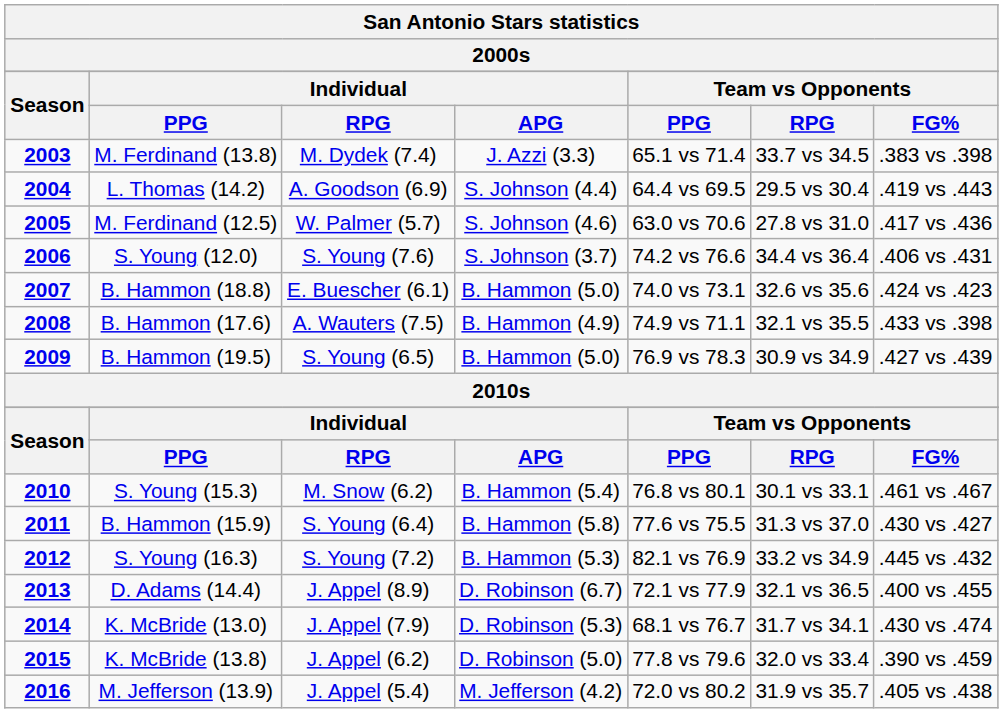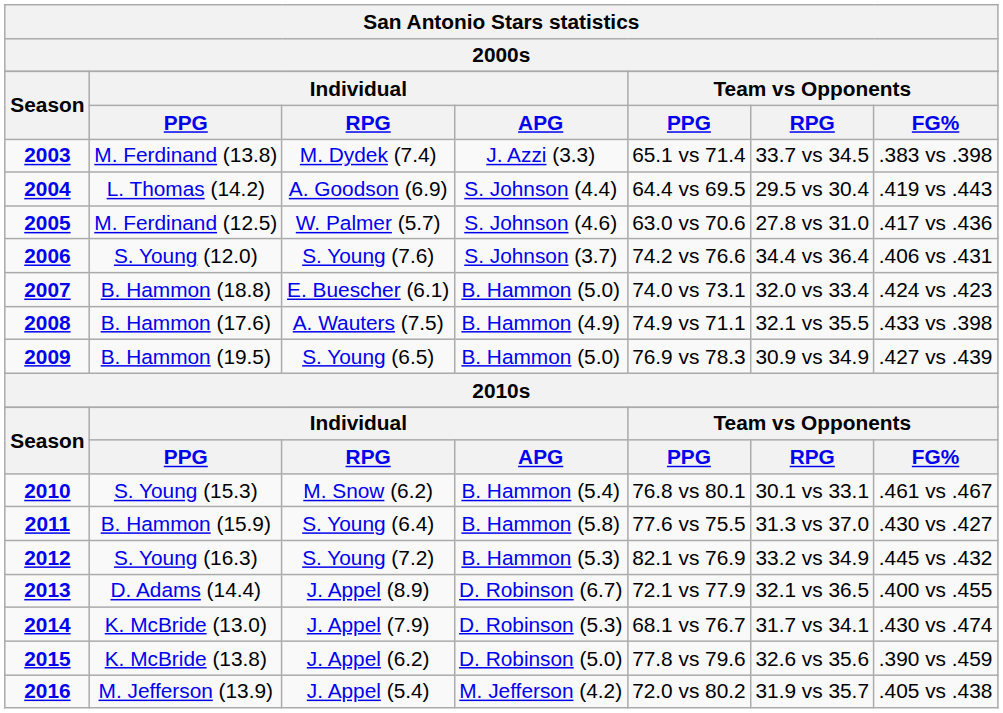 <table class="wikitable" style="clear:both; font-size:88%; margin:1.5em auto; text-align:center;">
 <tr>
 <th colspan=7>San Antonio Stars statistics</th>
 </tr>
 <tr valign="top">
 <th colspan=8>2000s</th>
 </tr>
 <tr>
 </tr>
 <tr>
 <th rowspan=2>Season</th>
 <th colspan=3>Individual</th>
 <th colspan=3>Team vs Opponents</th>
 </tr>
 <tr>
 <th><a href='#'>PPG</a></th>
 <th><a href='#'>RPG</a></th>
 <th><a href='#'>APG</a></th>
 <th><a href='#'>PPG</a></th>
 <th><a href='#'>RPG</a></th>
 <th><a href='#'>FG%</a></th>
 </tr>
 <tr>
 <td><strong><a href='#'>2003</a></strong></td>
 <td><a href='#'>M. Ferdinand</a> (13.8)</td>
 <td><a href='#'>M. Dydek</a> (7.4)</td>
 <td><a href='#'>J. Azzi</a> (3.3)</td>
 <td>65.1 vs 71.4</td>
 <td>33.7 vs 34.5</td>
 <td>.383 vs .398</td>
 </tr>
 <tr>
 <td><strong><a href='#'>2004</a></strong></td>
 <td><a href='#'>L. Thomas</a> (14.2)</td>
 <td><a href='#'>A. Goodson</a> (6.9)</td>
 <td><a href='#'>S. Johnson</a> (4.4)</td>
 <td>64.4 vs 69.5</td>
 <td>29.5 vs 30.4</td>
 <td>.419 vs .443</td>
 </tr>
 <tr>
 <td><strong><a href='#'>2005</a></strong></td>
 <td><a href='#'>M. Ferdinand</a> (12.5)</td>
 <td><a href='#'>W. Palmer</a> (5.7)</td>
 <td><a href='#'>S. Johnson</a> (4.6)</td>
 <td>63.0 vs 70.6</td>
 <td>27.8 vs 31.0</td>
 <td>.417 vs .436</td>
 </tr>
 <tr>
 <td><strong><a href='#'>2006</a></strong></td>
 <td><a href='#'>S. Young</a> (12.0)</td>
 <td><a href='#'>S. Young</a> (7.6)</td>
 <td><a href='#'>S. Johnson</a> (3.7)</td>
 <td>74.2 vs 76.6</td>
 <td>34.4 vs 36.4</td>
 <td>.406 vs .431</td>
 </tr>
 <tr>
 <td><strong><a href='#'>2007</a></strong></td>
 <td><a href='#'>B. Hammon</a> (18.8)</td>
 <td><a href='#'>E. Buescher</a> (6.1)</td>
 <td><a href='#'>B. Hammon</a> (5.0)</td>
 <td>74.0 vs 73.1</td>
-<td>32.6 vs 35.6</td>
+<td>32.0 vs 33.4</td>
 <td>.424 vs .423</td>
 </tr>
 <tr>
 <td><strong><a href='#'>2008</a></strong></td>
 <td><a href='#'>B. Hammon</a> (17.6)</td>
 <td><a href='#'>A. Wauters</a> (7.5)</td>
 <td><a href='#'>B. Hammon</a> (4.9)</td>
 <td>74.9 vs 71.1</td>
 <td>32.1 vs 35.5</td>
 <td>.433 vs .398</td>
 </tr>
 <tr>
 <td><strong><a href='#'>2009</a></strong></td>
 <td><a href='#'>B. Hammon</a> (19.5)</td>
 <td><a href='#'>S. Young</a> (6.5)</td>
 <td><a href='#'>B. Hammon</a> (5.0)</td>
 <td>76.9 vs 78.3</td>
 <td>30.9 vs 34.9</td>
 <td>.427 vs .439</td>
 </tr>
 <tr>
 <th colspan=7>2010s</th>
 </tr>
 <tr>
 </tr>
 <tr>
 <th rowspan=2>Season</th>
 <th colspan=3>Individual</th>
 <th colspan=3>Team vs Opponents</th>
 </tr>
 <tr>
 <th><a href='#'>PPG</a></th>
 <th><a href='#'>RPG</a></th>
 <th><a href='#'>APG</a></th>
 <th><a href='#'>PPG</a></th>
 <th><a href='#'>RPG</a></th>
 <th><a href='#'>FG%</a></th>
 </tr>
 <tr>
 <td><strong><a href='#'>2010</a></strong></td>
 <td><a href='#'>S. Young</a> (15.3)</td>
 <td><a href='#'>M. Snow</a> (6.2)</td>
 <td><a href='#'>B. Hammon</a> (5.4)</td>
 <td>76.8 vs 80.1</td>
 <td>30.1 vs 33.1</td>
 <td>.461 vs .467</td>
 </tr>
 <tr>
 <td><strong><a href='#'>2011</a></strong></td>
 <td><a href='#'>B. Hammon</a> (15.9)</td>
 <td><a href='#'>S. Young</a> (6.4)</td>
 <td><a href='#'>B. Hammon</a> (5.8)</td>
 <td>77.6 vs 75.5</td>
 <td>31.3 vs 37.0</td>
 <td>.430 vs .427</td>
 </tr>
 <tr>
 <td><strong><a href='#'>2012</a></strong></td>
 <td><a href='#'>S. Young</a> (16.3)</td>
 <td><a href='#'>S. Young</a> (7.2)</td>
 <td><a href='#'>B. Hammon</a> (5.3)</td>
 <td>82.1 vs 76.9</td>
 <td>33.2 vs 34.9</td>
 <td>.445 vs .432</td>
 </tr>
 <tr>
 <td><strong><a href='#'>2013</a></strong></td>
 <td><a href='#'>D. Adams</a> (14.4)</td>
 <td><a href='#'>J. Appel</a> (8.9)</td>
 <td><a href='#'>D. Robinson</a> (6.7)</td>
 <td>72.1 vs 77.9</td>
 <td>32.1 vs 36.5</td>
 <td>.400 vs .455</td>
 </tr>
 <tr>
 <td><strong><a href='#'>2014</a></strong></td>
 <td><a href='#'>K. McBride</a> (13.0)</td>
 <td><a href='#'>J. Appel</a> (7.9)</td>
 <td><a href='#'>D. Robinson</a> (5.3)</td>
 <td>68.1 vs 76.7</td>
 <td>31.7 vs 34.1</td>
 <td>.430 vs .474</td>
 </tr>
 <tr>
 <td><strong><a href='#'>2015</a></strong></td>
 <td><a href='#'>K. McBride</a> (13.8)</td>
 <td><a href='#'>J. Appel</a> (6.2)</td>
 <td><a href='#'>D. Robinson</a> (5.0)</td>
 <td>77.8 vs 79.6</td>
-<td>32.0 vs 33.4</td>
+<td>32.6 vs 35.6</td>
 <td>.390 vs .459</td>
 </tr>
 <tr>
 <td><strong><a href='#'>2016</a></strong></td>
 <td><a href='#'>M. Jefferson</a> (13.9)</td>
 <td><a href='#'>J. Appel</a> (5.4)</td>
 <td><a href='#'>M. Jefferson</a> (4.2)</td>
 <td>72.0 vs 80.2</td>
 <td>31.9 vs 35.7</td>
 <td>.405 vs .438</td>
 </tr>
 </table>
